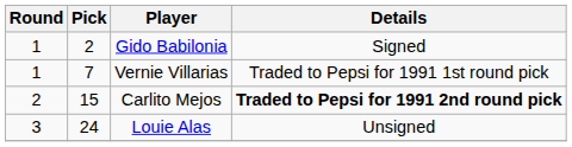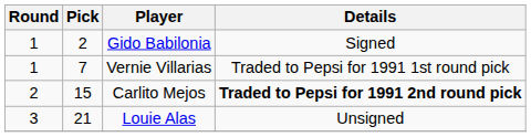 <table class="wikitable sortable sortable">
 <tr>
 <th>Round</th>
 <th>Pick</th>
 <th>Player</th>
 <th>Details</th>
 </tr>
 <tr style="text-align: center">
 <td>1</td>
 <td>2</td>
 <td><a href='#'>Gido Babilonia</a></td>
 <td>Signed</td>
 </tr>
 <tr style="text-align: center">
 <td>1</td>
 <td>7</td>
 <td>Vernie Villarias</td>
 <td>Traded to Pepsi for 1991 1st round pick</td>
 </tr>
 <tr style="text-align: center">
 <td>2</td>
 <td>15</td>
 <td>Carlito Mejos</td>
 <td><strong>Traded to Pepsi for 1991 2nd round pick</strong></td>
 </tr>
 <tr style="text-align: center">
 <td>3</td>
-<td>24</td>
+<td>21</td>
 <td><a href='#'>Louie Alas</a></td>
 <td>Unsigned</td>
 </tr>
 <tr>
 </tr>
 </table>
